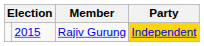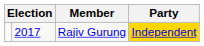 <table class="wikitable">
 <tr>
 <th colspan="2">Election</th>
 <th>Member</th>
 <th>Party</th>
 </tr>
 <tr>
 <td style="background-color:"></td>
-<td><a href='#'>2015</a></td>
+<td><a href='#'>2017</a></td>
 <td><a href='#'>Rajiv Gurung</a></td>
 <td style="background: gold;"><a href='#'>Independent</a></td>
 </tr>
 </table>
